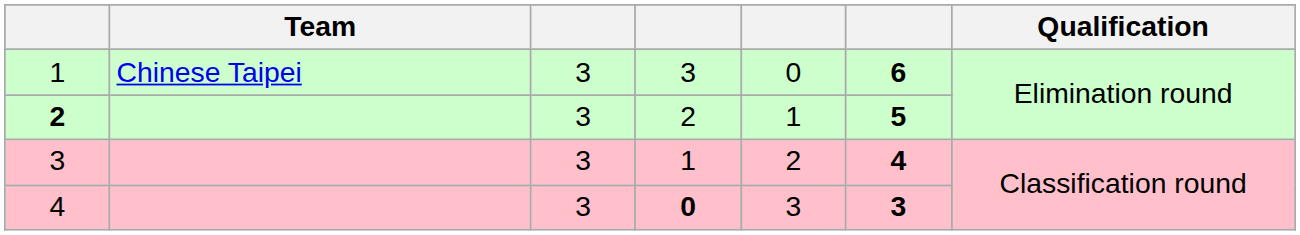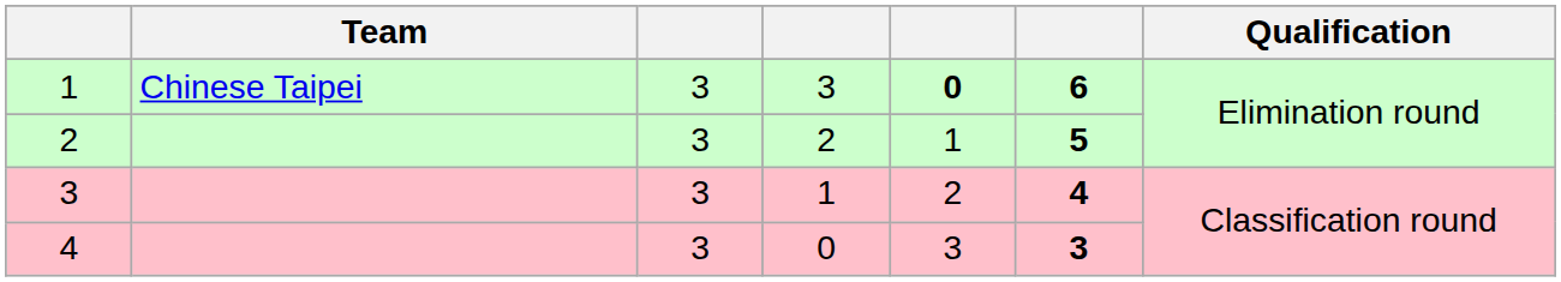 <table class=wikitable style="text-align:center" width=730>
 <tr>
 <th width=5.5%></th>
 <th width=22%>Team</th>
 <th width=5.5%></th>
 <th width=5.5%></th>
 <th width=5.5%></th>
 <th width=5.5%></th>
 <th width=18%>Qualification</th>
 </tr>
 <tr bgcolor=ccffcc>
 <td>1</td>
 <td style="text-align:left"> <a href='#'>Chinese Taipei</a></td>
 <td>3</td>
 <td>3</td>
-<td>0</td>
+<td><strong>0</strong></td>
 <td><strong>6</strong></td>
 <td rowspan=2>Elimination round</td>
 </tr>
 <tr bgcolor=ccffcc>
-<td><strong>2</strong></td>
+<td>2</td>
 <td style="text-align:left"></td>
 <td>3</td>
 <td>2</td>
 <td>1</td>
 <td><strong>5</strong></td>
 </tr>
 <tr bgcolor=pink>
 <td>3</td>
 <td style="text-align:left"></td>
 <td>3</td>
 <td>1</td>
 <td>2</td>
 <td><strong>4</strong></td>
 <td rowspan=2>Classification round</td>
 </tr>
 <tr bgcolor=pink>
 <td>4</td>
 <td style="text-align:left"></td>
 <td>3</td>
-<td><strong>0</strong></td>
+<td>0</td>
 <td>3</td>
 <td><strong>3</strong></td>
 </tr>
 </table>
